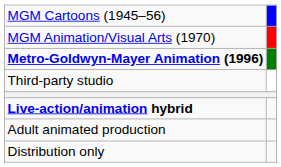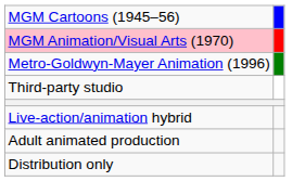 <table class="wikitable" style="float:left;">
 <tr>
 <td><a href='#'>MGM Cartoons</a> (1945–56)</td>
 <td style="background:blue; "> </td>
 </tr>
 <tr>
-<td><a href='#'>MGM Animation/Visual Arts</a> (1970)</td>
+<td style="background: pink;"><a href='#'>MGM Animation/Visual Arts</a> (1970)</td>
 <td style="background:red; "> </td>
 </tr>
 <tr>
-<td><strong><a href='#'>Metro-Goldwyn-Mayer Animation</a> (1996)</strong></td>
+<td><a href='#'>Metro-Goldwyn-Mayer Animation</a> (1996)</td>
 <td style="background:green; "> </td>
 </tr>
 <tr>
 <td>Third-party studio</td>
 <td style="background:white; "> </td>
 </tr>
 <tr>
 <th colspan="4"></th>
 </tr>
 <tr>
-<td><strong><a href='#'>Live-action/animation</a> hybrid</strong></td>
+<td><a href='#'>Live-action/animation</a> hybrid</td>
 <td></td>
 </tr>
 <tr>
 <td>Adult animated production</td>
 <td></td>
 </tr>
 <tr>
 <td>Distribution only</td>
 <td></td>
 </tr>
 </table>
